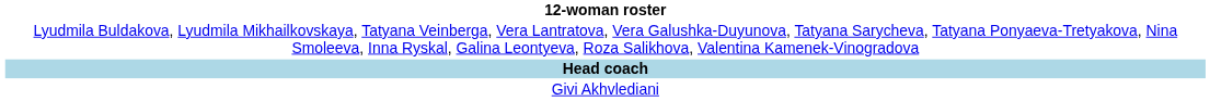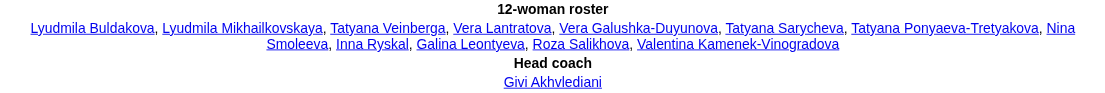 <table style="text-align:center; margin-top:2em; margin-left:auto; margin-right:auto">
 <tr>
 <td><strong>12-woman roster</strong></td>
 </tr>
 <tr>
 <td><a href='#'>Lyudmila Buldakova</a>, <a href='#'>Lyudmila Mikhailkovskaya</a>, <a href='#'>Tatyana Veinberga</a>, <a href='#'>Vera Lantratova</a>, <a href='#'>Vera Galushka-Duyunova</a>, <a href='#'>Tatyana Sarycheva</a>, <a href='#'>Tatyana Ponyaeva-Tretyakova</a>, <a href='#'>Nina Smoleeva</a>, <a href='#'>Inna Ryskal</a>, <a href='#'>Galina Leontyeva</a>, <a href='#'>Roza Salikhova</a>, <a href='#'>Valentina Kamenek-Vinogradova</a></td>
 </tr>
 <tr>
-<td style="background: lightblue;"><strong>Head coach</strong></td>
+<td><strong>Head coach</strong></td>
 </tr>
 <tr>
 <td><a href='#'>Givi Akhvlediani</a></td>
 </tr>
 </table>
